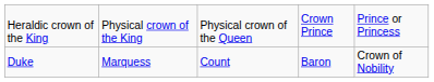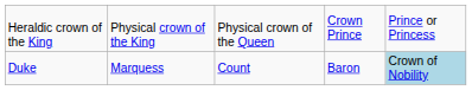 <table class="wikitable">
 <tr>
 <td><br>Heraldic crown of the <a href='#'>King</a></td>
 <td><br>Physical <a href='#'>crown of the King</a></td>
 <td><br>Physical crown of the <a href='#'>Queen</a></td>
 <td> <a href='#'>Crown Prince</a></td>
 <td> <a href='#'>Prince</a> or <a href='#'>Princess</a></td>
 </tr>
 <tr>
 <td> <a href='#'>Duke</a></td>
 <td> <a href='#'>Marquess</a></td>
 <td> <a href='#'>Count</a></td>
 <td> <a href='#'>Baron</a></td>
-<td> Crown of <a href='#'>Nobility</a></td>
+<td style="background: lightblue;"> Crown of <a href='#'>Nobility</a></td>
 </tr>
 </table>
